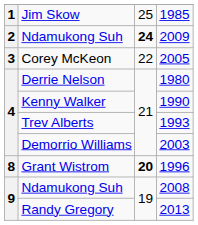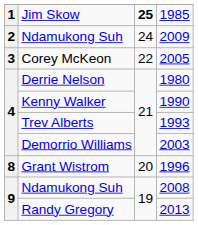 <table class=wikitable>
 <tr>
 </tr>
 <tr>
 <th>1</th>
 <td><a href='#'>Jim Skow</a></td>
-<td>25</td>
+<td><strong>25</strong></td>
 <td><a href='#'>1985</a></td>
 </tr>
 <tr>
 <th>2</th>
 <td><a href='#'>Ndamukong Suh</a></td>
-<td><strong>24</strong></td>
+<td>24</td>
 <td><a href='#'>2009</a></td>
 </tr>
 <tr>
 <th>3</th>
 <td>Corey McKeon</td>
 <td>22</td>
 <td><a href='#'>2005</a></td>
 </tr>
 <tr>
 <th rowspan=4>4</th>
 <td><a href='#'>Derrie Nelson</a></td>
 <td rowspan=4>21</td>
 <td><a href='#'>1980</a></td>
 </tr>
 <tr>
 <td><a href='#'>Kenny Walker</a></td>
 <td><a href='#'>1990</a></td>
 </tr>
 <tr>
 <td><a href='#'>Trev Alberts</a></td>
 <td><a href='#'>1993</a></td>
 </tr>
 <tr>
 <td><a href='#'>Demorrio Williams</a></td>
 <td><a href='#'>2003</a></td>
 </tr>
 <tr>
 <th>8</th>
 <td><a href='#'>Grant Wistrom</a></td>
-<td><strong>20</strong></td>
+<td>20</td>
 <td><a href='#'>1996</a></td>
 </tr>
 <tr>
 <th rowspan=2>9</th>
 <td><a href='#'>Ndamukong Suh</a></td>
 <td rowspan=2>19</td>
 <td><a href='#'>2008</a></td>
 </tr>
 <tr>
 <td><a href='#'>Randy Gregory</a></td>
 <td><a href='#'>2013</a></td>
 </tr>
 </table>
